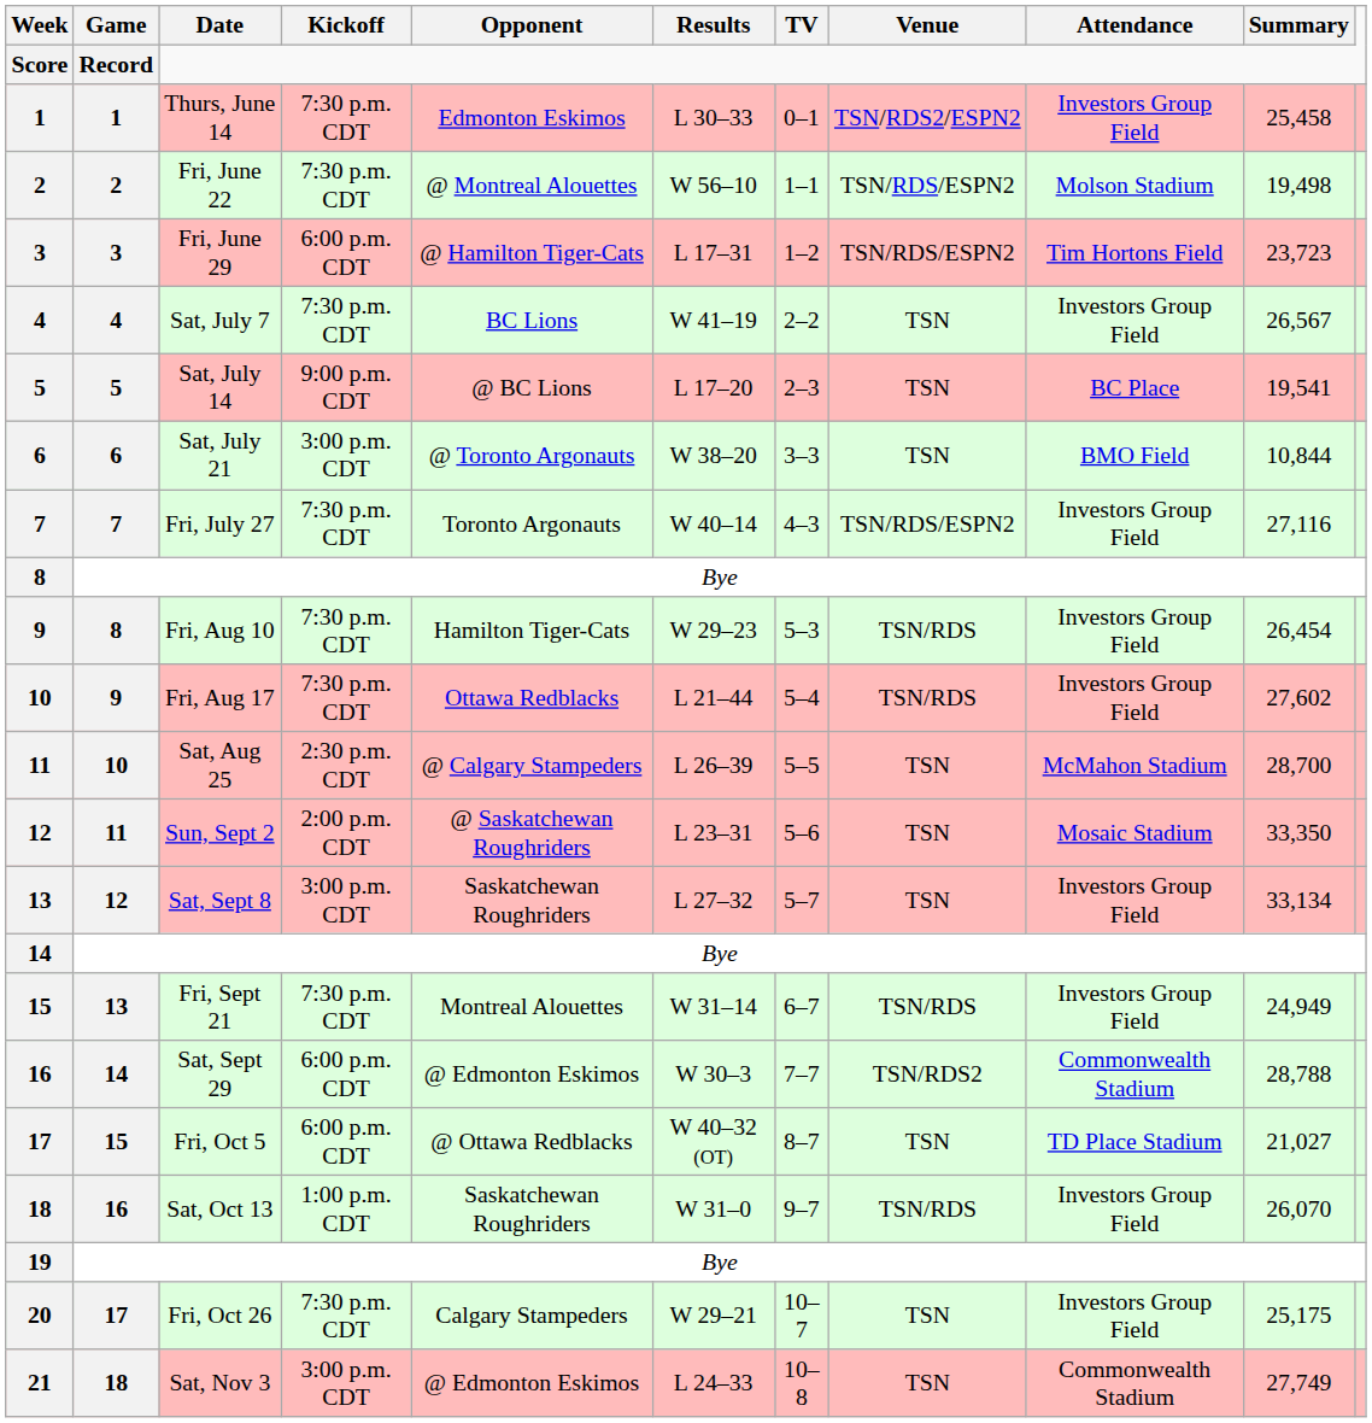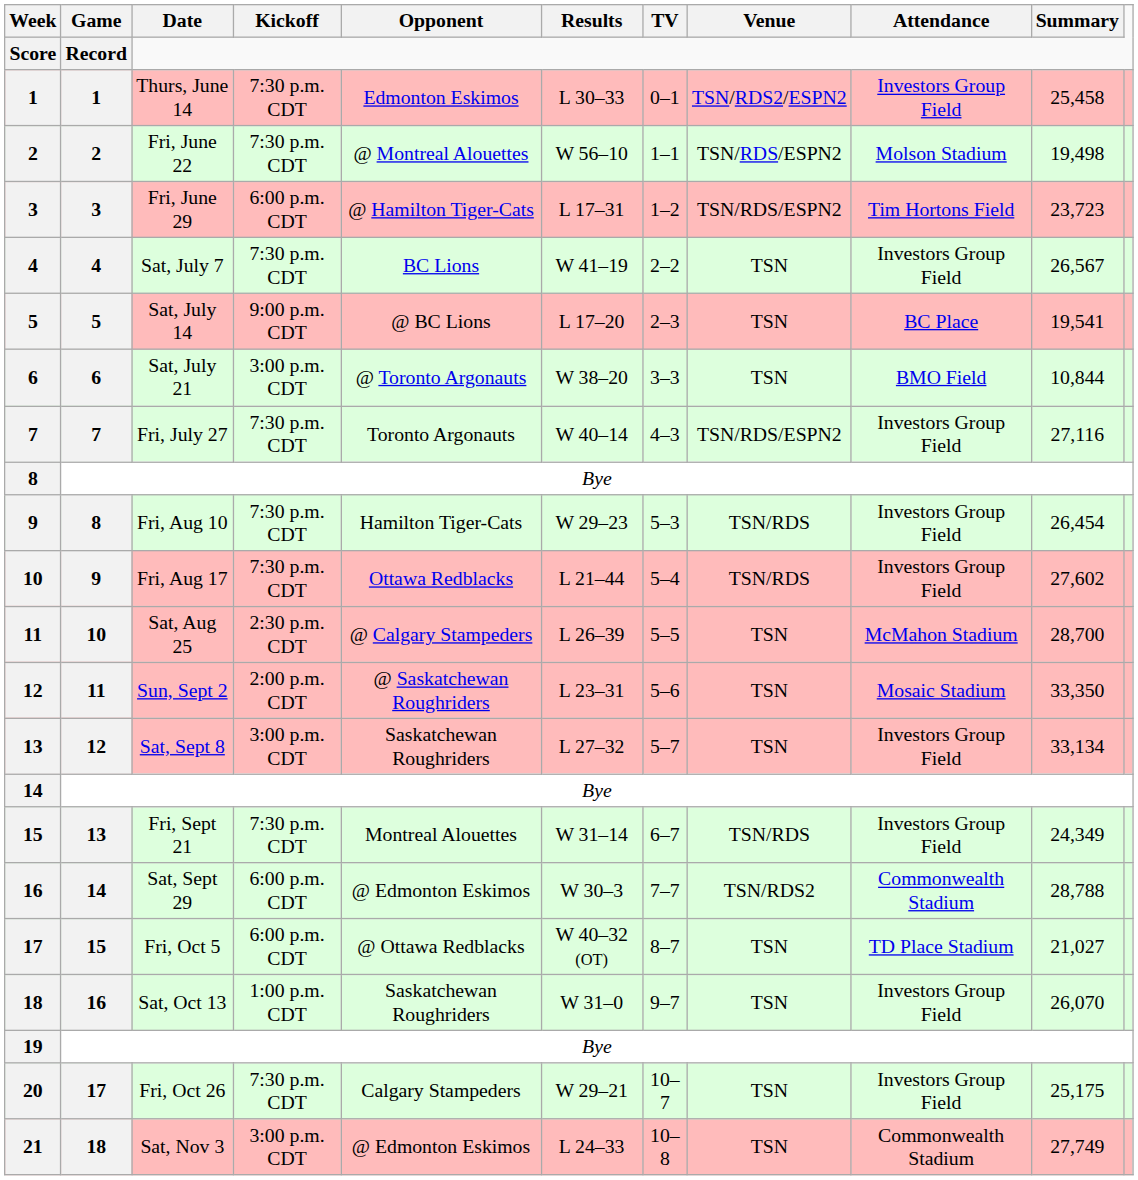 <table class="wikitable" style="font-size: 95%;">
 <tr>
 <th scope="col">Week</th>
 <th scope="col">Game</th>
 <th scope="col">Date</th>
 <th scope="col">Kickoff</th>
 <th scope="col">Opponent</th>
 <th scope="col">Results</th>
 <th scope="col">TV</th>
 <th scope="col">Venue</th>
 <th scope="col">Attendance</th>
 <th scope="col">Summary</th>
 </tr>
 <tr>
 <th scope="col">Score</th>
 <th scope="col">Record</th>
 </tr>
 <tr align="center"= bgcolor="ffbbbb">
 <th align="center">1</th>
 <th align="center">1</th>
 <td align="center">Thurs, June 14</td>
 <td align="center">7:30 p.m. CDT</td>
 <td align="center"><a href='#'>Edmonton Eskimos</a></td>
 <td align="center">L 30–33</td>
 <td align="center">0–1</td>
 <td align="center"><a href='#'>TSN</a>/<a href='#'>RDS2</a>/<a href='#'>ESPN2</a></td>
 <td align="center"><a href='#'>Investors Group Field</a></td>
 <td align="center">25,458</td>
 <td align="center"></td>
 </tr>
 <tr align="center"= bgcolor="ddffdd">
 <th align="center">2</th>
 <th align="center">2</th>
 <td align="center">Fri, June 22</td>
 <td align="center">7:30 p.m. CDT</td>
 <td align="center">@ <a href='#'>Montreal Alouettes</a></td>
 <td align="center">W 56–10</td>
 <td align="center">1–1</td>
 <td align="center">TSN/<a href='#'>RDS</a>/ESPN2</td>
 <td align="center"><a href='#'>Molson Stadium</a></td>
 <td align="center">19,498</td>
 <td align="center"></td>
 </tr>
 <tr align="center"= bgcolor="ffbbbb">
 <th align="center">3</th>
 <th align="center">3</th>
 <td align="center">Fri, June 29</td>
 <td align="center">6:00 p.m. CDT</td>
 <td align="center">@ <a href='#'>Hamilton Tiger-Cats</a></td>
 <td align="center">L 17–31</td>
 <td align="center">1–2</td>
 <td align="center">TSN/RDS/ESPN2</td>
 <td align="center"><a href='#'>Tim Hortons Field</a></td>
 <td align="center">23,723</td>
 <td align="center"></td>
 </tr>
 <tr align="center"= bgcolor="ddffdd">
 <th align="center">4</th>
 <th align="center">4</th>
 <td align="center">Sat, July 7</td>
 <td align="center">7:30 p.m. CDT</td>
 <td align="center"><a href='#'>BC Lions</a></td>
 <td align="center">W 41–19</td>
 <td align="center">2–2</td>
 <td align="center">TSN</td>
 <td align="center">Investors Group Field</td>
 <td align="center">26,567</td>
 <td align="center"></td>
 </tr>
 <tr align="center"= bgcolor="ffbbbb">
 <th align="center">5</th>
 <th align="center">5</th>
 <td align="center">Sat, July 14</td>
 <td align="center">9:00 p.m. CDT</td>
 <td align="center">@ BC Lions</td>
 <td align="center">L 17–20</td>
 <td align="center">2–3</td>
 <td align="center">TSN</td>
 <td align="center"><a href='#'>BC Place</a></td>
 <td align="center">19,541</td>
 <td align="center"></td>
 </tr>
 <tr align="center"= bgcolor="ddffdd">
 <th align="center">6</th>
 <th align="center">6</th>
 <td align="center">Sat, July 21</td>
 <td align="center">3:00 p.m. CDT</td>
 <td align="center">@ <a href='#'>Toronto Argonauts</a></td>
 <td align="center">W 38–20</td>
 <td align="center">3–3</td>
 <td align="center">TSN</td>
 <td align="center"><a href='#'>BMO Field</a></td>
 <td align="center">10,844</td>
 <td align="center"></td>
 </tr>
 <tr align="center"= bgcolor="ddffdd">
 <th align="center">7</th>
 <th align="center">7</th>
 <td align="center">Fri, July 27</td>
 <td align="center">7:30 p.m. CDT</td>
 <td align="center">Toronto Argonauts</td>
 <td align="center">W 40–14</td>
 <td align="center">4–3</td>
 <td align="center">TSN/RDS/ESPN2</td>
 <td align="center">Investors Group Field</td>
 <td align="center">27,116</td>
 <td align="center"></td>
 </tr>
 <tr align="center"= bgcolor="ffffff">
 <th align="center">8</th>
 <td colspan=10 align="center" valign="middle"><em>Bye</em></td>
 </tr>
 <tr align="center"= bgcolor="ddffdd">
 <th align="center">9</th>
 <th align="center">8</th>
 <td align="center">Fri, Aug 10</td>
 <td align="center">7:30 p.m. CDT</td>
 <td align="center">Hamilton Tiger-Cats</td>
 <td align="center">W 29–23</td>
 <td align="center">5–3</td>
 <td align="center">TSN/RDS</td>
 <td align="center">Investors Group Field</td>
 <td align="center">26,454</td>
 <td align="center"></td>
 </tr>
 <tr align="center"= bgcolor="ffbbbb">
 <th align="center">10</th>
 <th align="center">9</th>
 <td align="center">Fri, Aug 17</td>
 <td align="center">7:30 p.m. CDT</td>
 <td align="center"><a href='#'>Ottawa Redblacks</a></td>
 <td align="center">L 21–44</td>
 <td align="center">5–4</td>
 <td align="center">TSN/RDS</td>
 <td align="center">Investors Group Field</td>
 <td align="center">27,602</td>
 <td align="center"></td>
 </tr>
 <tr align="center"= bgcolor="ffbbbb">
 <th align="center">11</th>
 <th align="center">10</th>
 <td align="center">Sat, Aug 25</td>
 <td align="center">2:30 p.m. CDT</td>
 <td align="center">@ <a href='#'>Calgary Stampeders</a></td>
 <td align="center">L 26–39</td>
 <td align="center">5–5</td>
 <td align="center">TSN</td>
 <td align="center"><a href='#'>McMahon Stadium</a></td>
 <td align="center">28,700</td>
 <td align="center"></td>
 </tr>
 <tr align="center"= bgcolor="ffbbbb">
 <th align="center">12</th>
 <th align="center">11</th>
 <td align="center"><a href='#'>Sun, Sept 2</a></td>
 <td align="center">2:00 p.m. CDT</td>
 <td align="center">@ <a href='#'>Saskatchewan Roughriders</a></td>
 <td align="center">L 23–31</td>
 <td align="center">5–6</td>
 <td align="center">TSN</td>
 <td align="center"><a href='#'>Mosaic Stadium</a></td>
 <td align="center">33,350</td>
 <td align="center"></td>
 </tr>
 <tr align="center"= bgcolor="ffbbbb">
 <th align="center">13</th>
 <th align="center">12</th>
 <td align="center"><a href='#'>Sat, Sept 8</a></td>
 <td align="center">3:00 p.m. CDT</td>
 <td align="center">Saskatchewan Roughriders</td>
 <td align="center">L 27–32</td>
 <td align="center">5–7</td>
 <td align="center">TSN</td>
 <td align="center">Investors Group Field</td>
 <td align="center">33,134</td>
 <td align="center"></td>
 </tr>
 <tr align="center"= bgcolor="ffffff">
 <th align="center">14</th>
 <td colspan=10 align="center" valign="middle"><em>Bye</em></td>
 </tr>
 <tr align="center"= bgcolor="ddffdd">
 <th align="center">15</th>
 <th align="center">13</th>
 <td align="center">Fri, Sept 21</td>
 <td align="center">7:30 p.m. CDT</td>
 <td align="center">Montreal Alouettes</td>
 <td align="center">W 31–14</td>
 <td align="center">6–7</td>
 <td align="center">TSN/RDS</td>
 <td align="center">Investors Group Field</td>
-<td align="center">24,949</td>
+<td align="center">24,349</td>
 <td align="center"></td>
 </tr>
 <tr align="center"= bgcolor="ddffdd">
 <th align="center">16</th>
 <th align="center">14</th>
 <td align="center">Sat, Sept 29</td>
 <td align="center">6:00 p.m. CDT</td>
 <td align="center">@ Edmonton Eskimos</td>
 <td align="center">W 30–3</td>
 <td align="center">7–7</td>
 <td align="center">TSN/RDS2</td>
 <td align="center"><a href='#'>Commonwealth Stadium</a></td>
 <td align="center">28,788</td>
 <td align="center"></td>
 </tr>
 <tr align="center"= bgcolor="ddffdd">
 <th align="center">17</th>
 <th align="center">15</th>
 <td align="center">Fri, Oct 5</td>
 <td align="center">6:00 p.m. CDT</td>
 <td align="center">@ Ottawa Redblacks</td>
 <td align="center">W 40–32 <small>(OT)</small></td>
 <td align="center">8–7</td>
 <td align="center">TSN</td>
 <td align="center"><a href='#'>TD Place Stadium</a></td>
 <td align="center">21,027</td>
 <td align="center"></td>
 </tr>
 <tr align="center"= bgcolor="ddffdd">
 <th align="center">18</th>
 <th align="center">16</th>
 <td align="center">Sat, Oct 13</td>
 <td align="center">1:00 p.m. CDT</td>
 <td align="center">Saskatchewan Roughriders</td>
 <td align="center">W 31–0</td>
 <td align="center">9–7</td>
-<td align="center">TSN/RDS</td>
+<td align="center">TSN</td>
 <td align="center">Investors Group Field</td>
 <td align="center">26,070</td>
 <td align="center"></td>
 </tr>
 <tr align="center"= bgcolor="ffffff">
 <th align="center">19</th>
 <td colspan=10 align="center" valign="middle"><em>Bye</em></td>
 </tr>
 <tr align="center"= bgcolor="ddffdd">
 <th align="center">20</th>
 <th align="center">17</th>
 <td align="center">Fri, Oct 26</td>
 <td align="center">7:30 p.m. CDT</td>
 <td align="center">Calgary Stampeders</td>
 <td align="center">W 29–21</td>
 <td align="center">10–7</td>
 <td align="center">TSN</td>
 <td align="center">Investors Group Field</td>
 <td align="center">25,175</td>
 <td align="center"></td>
 </tr>
 <tr align="center"= bgcolor="ffbbbb">
 <th align="center">21</th>
 <th align="center">18</th>
 <td align="center">Sat, Nov 3</td>
 <td align="center">3:00 p.m. CDT</td>
 <td align="center">@ Edmonton Eskimos</td>
 <td align="center">L 24–33</td>
 <td align="center">10–8</td>
 <td align="center">TSN</td>
 <td align="center">Commonwealth Stadium</td>
 <td align="center">27,749</td>
 <td align="center"></td>
 </tr>
 </table>
